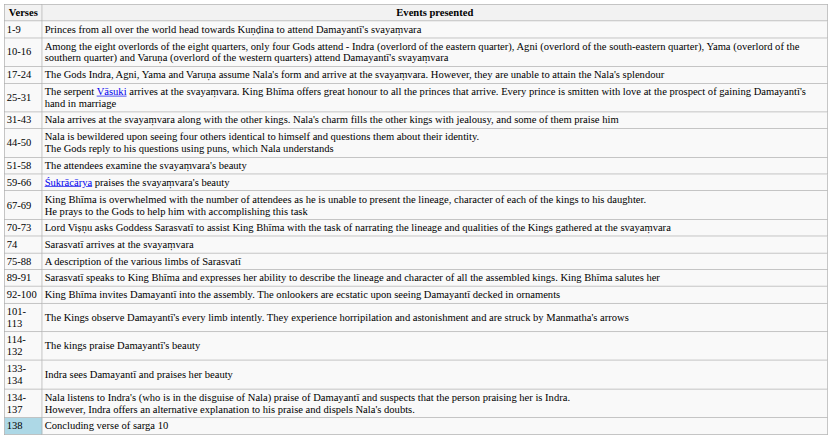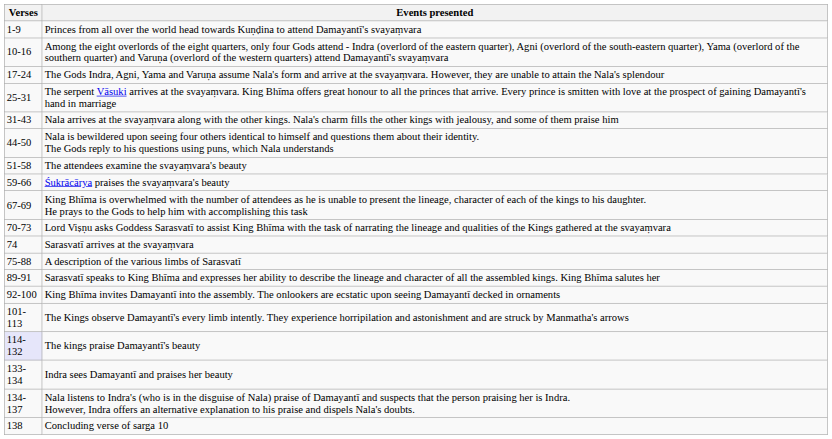 <table class="wikitable">
 <tr>
 <th>Verses</th>
 <th>Events presented</th>
 </tr>
 <tr>
 <td>1-9</td>
 <td>Princes from all over the world head towards Kuṇḍina to attend Damayantī's svayaṃvara</td>
 </tr>
 <tr>
 <td>10-16</td>
 <td>Among the eight overlords of the eight quarters, only four Gods attend - Indra (overlord of the eastern quarter), Agni (overlord of the south-eastern quarter), Yama (overlord of the southern quarter) and Varuṇa (overlord of the western quarters) attend Damayantī's svayaṃvara</td>
 </tr>
 <tr>
 <td>17-24</td>
 <td>The Gods Indra, Agni, Yama and Varuṇa assume Nala's form and arrive at the svayaṃvara. However, they are unable to attain the Nala's splendour</td>
 </tr>
 <tr>
 <td>25-31</td>
 <td>The serpent <a href='#'>Vāsuki</a> arrives at the svayaṃvara. King Bhīma offers great honour to all the princes that arrive. Every prince is smitten with love at the prospect of gaining Damayantī's hand in marriage</td>
 </tr>
 <tr>
 <td>31-43</td>
 <td>Nala arrives at the svayaṃvara along with the other kings. Nala's charm fills the other kings with jealousy, and some of them praise him</td>
 </tr>
 <tr>
 <td>44-50</td>
 <td>Nala is bewildered upon seeing four others identical to himself and questions them about their identity. <br>The Gods reply to his questions using puns, which Nala understands</td>
 </tr>
 <tr>
 <td>51-58</td>
 <td>The attendees examine the svayaṃvara's beauty</td>
 </tr>
 <tr>
 <td>59-66</td>
 <td><a href='#'>Śukrācārya</a> praises the svayaṃvara's beauty</td>
 </tr>
 <tr>
 <td>67-69</td>
 <td>King Bhīma is overwhelmed with the number of attendees as he is unable to present the lineage, character of each of the kings to his daughter. <br>He prays to the Gods to help him with accomplishing this task</td>
 </tr>
 <tr>
 <td>70-73</td>
 <td>Lord Viṣṇu asks Goddess Sarasvatī to assist King Bhīma with the task of narrating the lineage and qualities of the Kings gathered at the svayaṃvara</td>
 </tr>
 <tr>
 <td>74</td>
 <td>Sarasvatī arrives at the svayaṃvara</td>
 </tr>
 <tr>
 <td>75-88</td>
 <td>A description of the various limbs of Sarasvatī</td>
 </tr>
 <tr>
 <td>89-91</td>
 <td>Sarasvatī speaks to King Bhīma and expresses her ability to describe the lineage and character of all the assembled kings. King Bhīma salutes her</td>
 </tr>
 <tr>
 <td>92-100</td>
 <td>King Bhīma invites Damayantī into the assembly. The onlookers are ecstatic upon seeing Damayantī decked in ornaments</td>
 </tr>
 <tr>
 <td>101-113</td>
 <td>The Kings observe Damayantī's every limb intently. They experience horripilation and astonishment and are struck by Manmatha's arrows</td>
 </tr>
 <tr>
-<td>114-132</td>
+<td style="background: lavender;">114-132</td>
 <td>The kings praise Damayantī's beauty</td>
 </tr>
 <tr>
 <td>133-134</td>
 <td>Indra sees Damayantī and praises her beauty</td>
 </tr>
 <tr>
 <td>134-137</td>
 <td>Nala listens to Indra's (who is in the disguise of Nala) praise of Damayantī and suspects that the person praising her is Indra. <br>However, Indra offers an alternative explanation to his praise and dispels Nala's doubts.</td>
 </tr>
 <tr>
-<td style="background: lightblue;">138</td>
+<td>138</td>
 <td>Concluding verse of sarga 10</td>
 </tr>
 </table>
